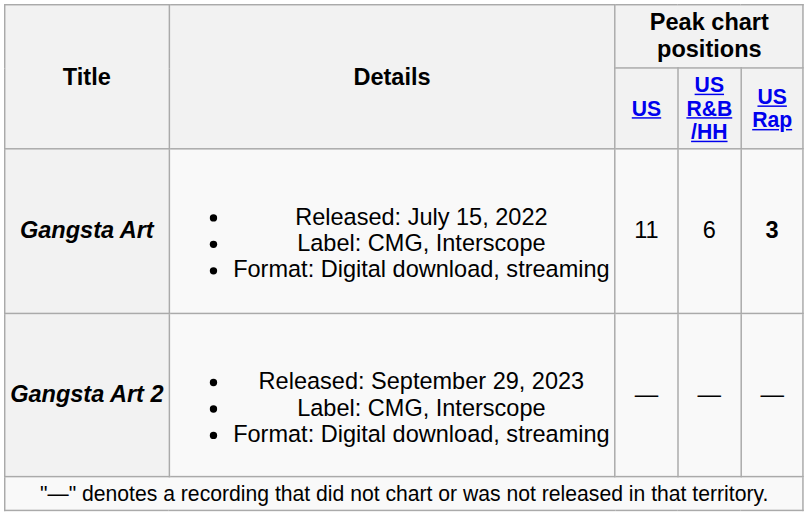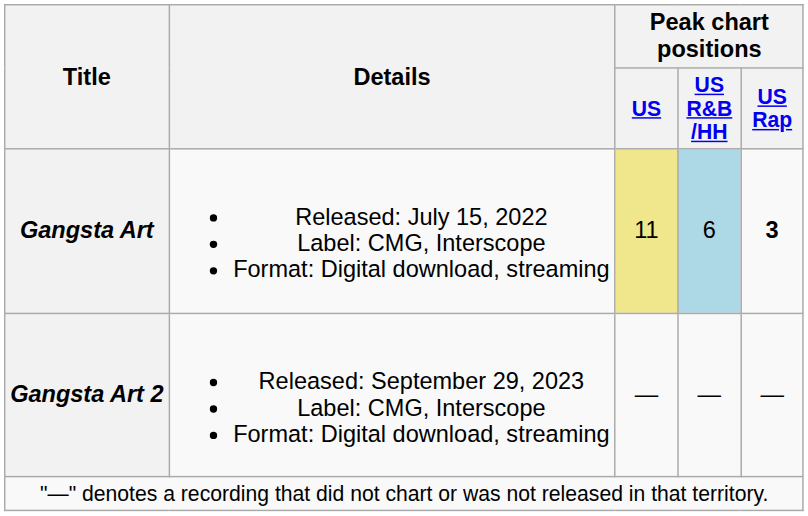 <table class="wikitable plainrowheaders" style="text-align:center">
 <tr>
 <th scope="col" rowspan="2">Title</th>
 <th scope="col" rowspan="2">Details</th>
 <th scope="col" colspan="3">Peak chart positions</th>
 </tr>
 <tr>
 <th scope="col" style="width:2.5em;font-size:90%;"><a href='#'>US</a><br></th>
 <th scope="col" style="width:2.5em;font-size:90%;"><a href='#'>US<br>R&B<br>/HH</a><br></th>
 <th scope="col" style="width:2.5em;font-size:90%;"><a href='#'>US<br>Rap</a><br></th>
 </tr>
 <tr>
 <th scope="row"><em>Gangsta Art</em><br></th>
 <td><br><ul><li>Released: July 15, 2022</li><li>Label: CMG, Interscope</li><li>Format: Digital download, streaming</li></ul></td>
-<td>11</td>
-<td>6</td>
+<td style="background: khaki;">11</td>
+<td style="background: lightblue;">6</td>
 <td><strong>3</strong></td>
 </tr>
 <tr>
 <th scope="row"><em>Gangsta Art 2</em><br></th>
 <td><br><ul><li>Released: September 29, 2023</li><li>Label: CMG, Interscope</li><li>Format: Digital download, streaming</li></ul></td>
 <td>—</td>
 <td>—</td>
 <td>—</td>
 </tr>
 <tr>
 <td colspan="8" style="font-size:90%">"—" denotes a recording that did not chart or was not released in that territory.</td>
 </tr>
 </table>
